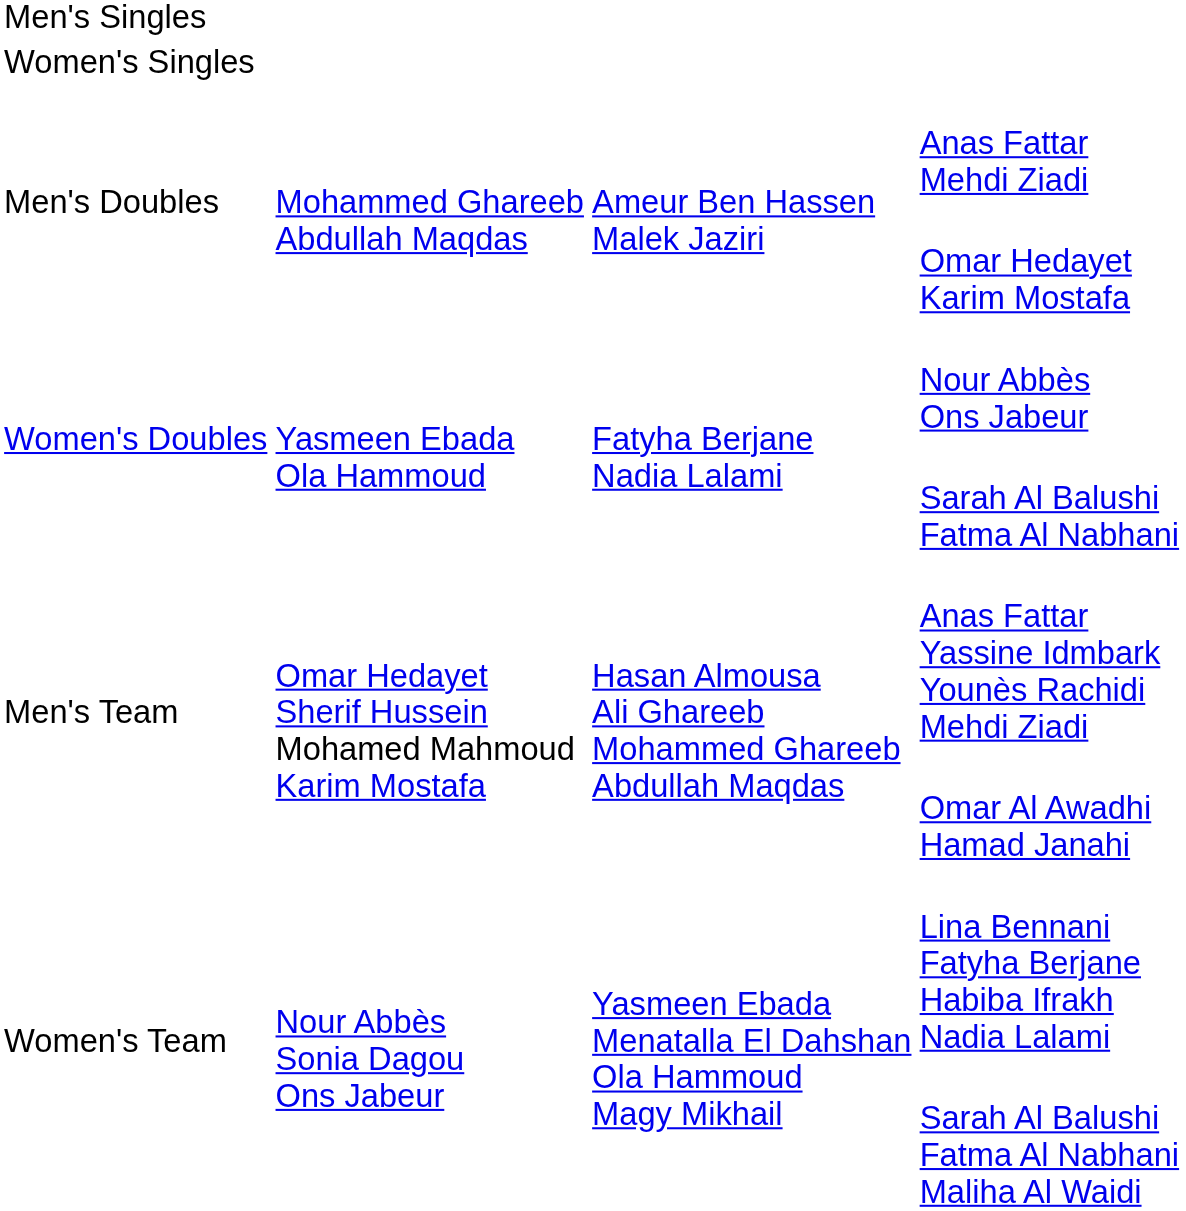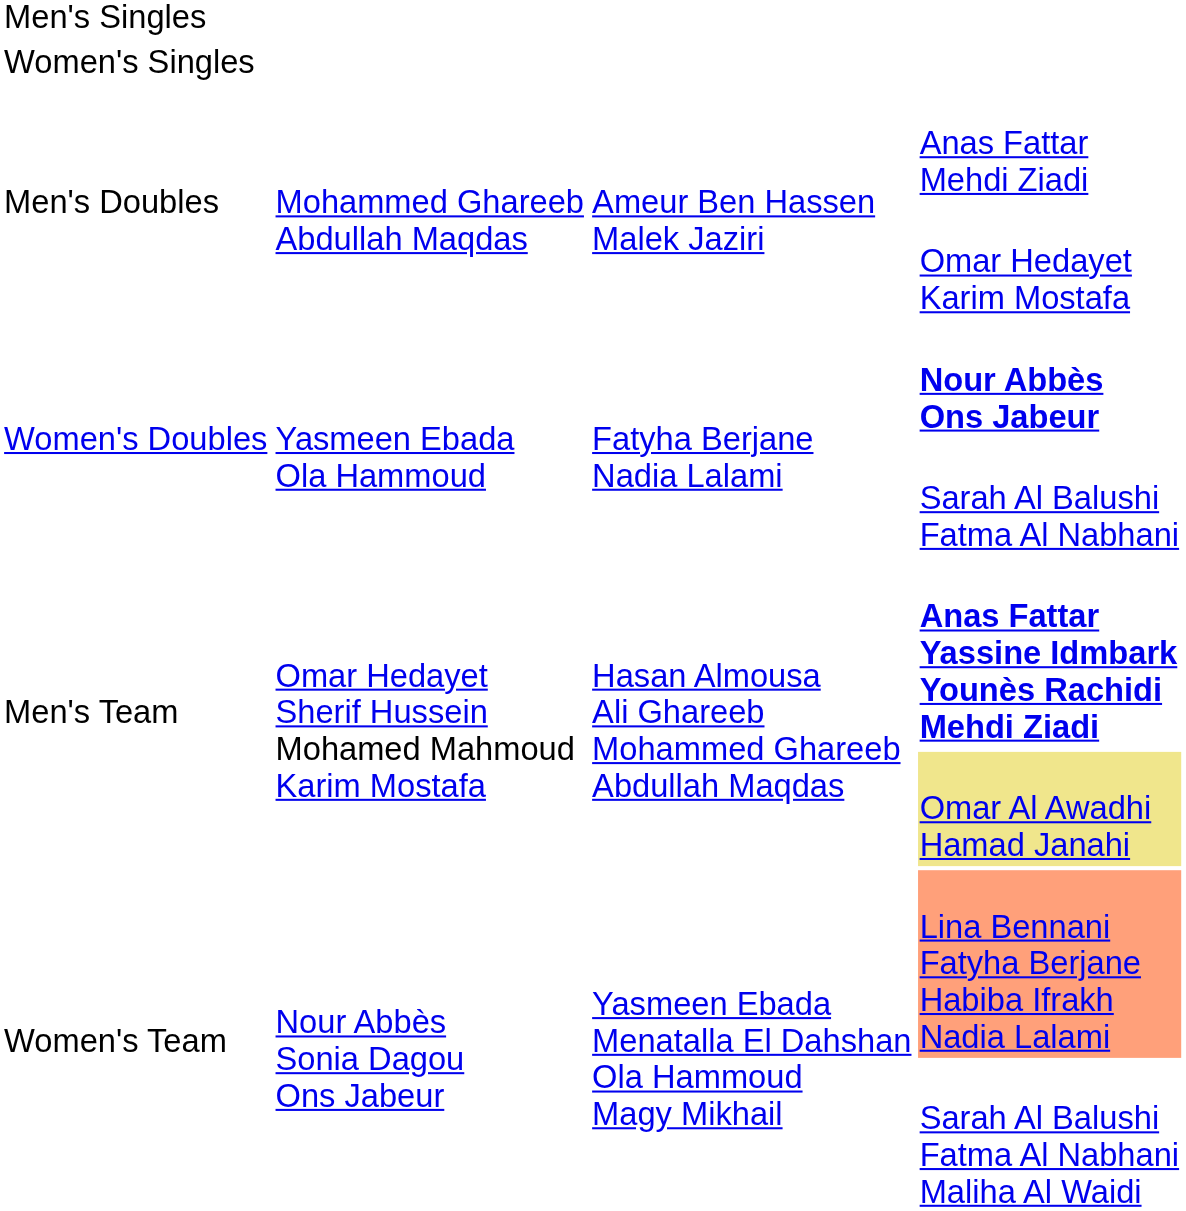 <table>
 <tr>
 <td rowspan=2>Men's Singles</td>
 <td rowspan=2></td>
 <td rowspan=2></td>
 <td></td>
 </tr>
 <tr>
 <td></td>
 </tr>
 <tr>
 <td rowspan=2>Women's Singles</td>
 <td rowspan=2></td>
 <td rowspan=2></td>
 <td></td>
 </tr>
 <tr>
 <td></td>
 </tr>
 <tr>
 <td rowspan=2>Men's Doubles</td>
 <td rowspan=2><br><a href='#'>Mohammed Ghareeb</a><br><a href='#'>Abdullah Maqdas</a></td>
 <td rowspan=2><br><a href='#'>Ameur Ben Hassen</a><br><a href='#'>Malek Jaziri</a></td>
 <td><br><a href='#'>Anas Fattar</a><br><a href='#'>Mehdi Ziadi</a></td>
 </tr>
 <tr>
 <td><br><a href='#'>Omar Hedayet</a><br><a href='#'>Karim Mostafa</a></td>
 </tr>
 <tr>
 <td rowspan=2><a href='#'>Women's Doubles</a></td>
 <td rowspan=2><br><a href='#'>Yasmeen Ebada</a><br><a href='#'>Ola Hammoud</a></td>
 <td rowspan=2><br><a href='#'>Fatyha Berjane</a><br><a href='#'>Nadia Lalami</a></td>
-<td><br><a href='#'>Nour Abbès</a><br><a href='#'>Ons Jabeur</a></td>
+<td><strong><br><a href='#'>Nour Abbès</a><br><a href='#'>Ons Jabeur</a></strong></td>
 </tr>
 <tr>
 <td><br><a href='#'>Sarah Al Balushi</a><br><a href='#'>Fatma Al Nabhani</a></td>
 </tr>
 <tr>
 <td rowspan=2>Men's Team</td>
 <td rowspan=2><br><a href='#'>Omar Hedayet</a><br><a href='#'>Sherif Hussein</a><br>Mohamed Mahmoud<br><a href='#'>Karim Mostafa</a></td>
 <td rowspan=2><br><a href='#'>Hasan Almousa</a><br><a href='#'>Ali Ghareeb</a><br><a href='#'>Mohammed Ghareeb</a><br><a href='#'>Abdullah Maqdas</a></td>
-<td><br><a href='#'>Anas Fattar</a><br><a href='#'>Yassine Idmbark</a><br><a href='#'>Younès Rachidi</a><br><a href='#'>Mehdi Ziadi</a></td>
+<td><strong><br><a href='#'>Anas Fattar</a><br><a href='#'>Yassine Idmbark</a><br><a href='#'>Younès Rachidi</a><br><a href='#'>Mehdi Ziadi</a></strong></td>
 </tr>
 <tr>
-<td><br><a href='#'>Omar Al Awadhi</a><br><a href='#'>Hamad Janahi</a></td>
+<td style="background: khaki;"><br><a href='#'>Omar Al Awadhi</a><br><a href='#'>Hamad Janahi</a></td>
 </tr>
 <tr>
 <td rowspan=2>Women's Team</td>
 <td rowspan=2><br><a href='#'>Nour Abbès</a><br><a href='#'>Sonia Dagou</a><br><a href='#'>Ons Jabeur</a></td>
 <td rowspan=2><br><a href='#'>Yasmeen Ebada</a><br><a href='#'>Menatalla El Dahshan</a><br><a href='#'>Ola Hammoud</a><br><a href='#'>Magy Mikhail</a></td>
-<td><br><a href='#'>Lina Bennani</a><br><a href='#'>Fatyha Berjane</a><br><a href='#'>Habiba Ifrakh</a><br><a href='#'>Nadia Lalami</a></td>
+<td style="background: lightsalmon;"><br><a href='#'>Lina Bennani</a><br><a href='#'>Fatyha Berjane</a><br><a href='#'>Habiba Ifrakh</a><br><a href='#'>Nadia Lalami</a></td>
 </tr>
 <tr>
 <td><br><a href='#'>Sarah Al Balushi</a><br><a href='#'>Fatma Al Nabhani</a><br><a href='#'>Maliha Al Waidi</a></td>
 </tr>
 </table>
